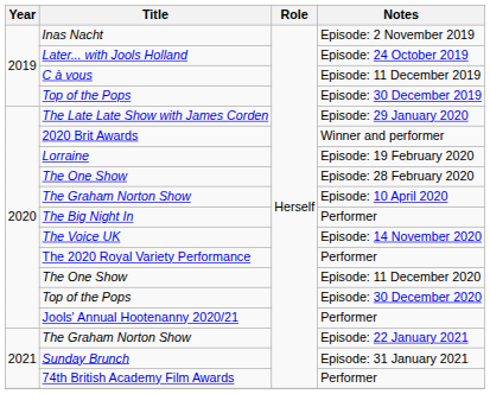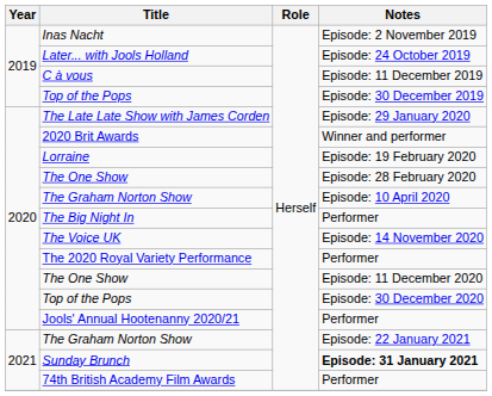 <table class="wikitable sortable">
 <tr>
 <th>Year</th>
 <th>Title</th>
 <th>Role</th>
 <th>Notes</th>
 </tr>
 <tr>
 <td rowspan="4">2019</td>
 <td><em>Inas Nacht</em></td>
 <td rowspan="18">Herself</td>
 <td>Episode: 2 November 2019</td>
 </tr>
 <tr>
 <td><em><a href='#'>Later... with Jools Holland</a></em></td>
 <td>Episode: <a href='#'>24 October 2019</a></td>
 </tr>
 <tr>
 <td><em><a href='#'>C à vous</a></em></td>
 <td>Episode: 11 December 2019</td>
 </tr>
 <tr>
 <td><em><a href='#'>Top of the Pops</a></em></td>
 <td>Episode: <a href='#'>30 December 2019</a></td>
 </tr>
 <tr>
 <td rowspan="11">2020</td>
 <td><em><a href='#'>The Late Late Show with James Corden</a></em></td>
 <td>Episode: <a href='#'>29 January 2020</a></td>
 </tr>
 <tr>
 <td><a href='#'>2020 Brit Awards</a></td>
 <td>Winner and performer</td>
 </tr>
 <tr>
 <td><em><a href='#'>Lorraine</a></em></td>
 <td>Episode: 19 February 2020</td>
 </tr>
 <tr>
 <td><em><a href='#'>The One Show</a></em></td>
 <td>Episode: 28 February 2020</td>
 </tr>
 <tr>
 <td><em><a href='#'>The Graham Norton Show</a></em></td>
 <td>Episode: <a href='#'>10 April 2020</a></td>
 </tr>
 <tr>
 <td><em><a href='#'>The Big Night In</a></em></td>
 <td>Performer</td>
 </tr>
 <tr>
 <td><em><a href='#'>The Voice UK</a></em></td>
 <td>Episode: <a href='#'>14 November 2020</a></td>
 </tr>
 <tr>
 <td><a href='#'>The 2020 Royal Variety Performance</a></td>
 <td>Performer</td>
 </tr>
 <tr>
 <td><em>The One Show</em></td>
 <td>Episode: 11 December 2020</td>
 </tr>
 <tr>
 <td><em>Top of the Pops</em></td>
 <td>Episode: <a href='#'>30 December 2020</a></td>
 </tr>
 <tr>
 <td><a href='#'>Jools' Annual Hootenanny 2020/21</a></td>
 <td>Performer</td>
 </tr>
 <tr>
 <td rowspan="3">2021</td>
 <td><em>The Graham Norton Show</em></td>
 <td>Episode: <a href='#'>22 January 2021</a></td>
 </tr>
 <tr>
 <td><em><a href='#'>Sunday Brunch</a></em></td>
-<td>Episode: 31 January 2021</td>
+<td><strong>Episode: 31 January 2021</strong></td>
 </tr>
 <tr>
 <td><a href='#'>74th British Academy Film Awards</a></td>
 <td>Performer</td>
 </tr>
 <tr>
 </tr>
 </table>
